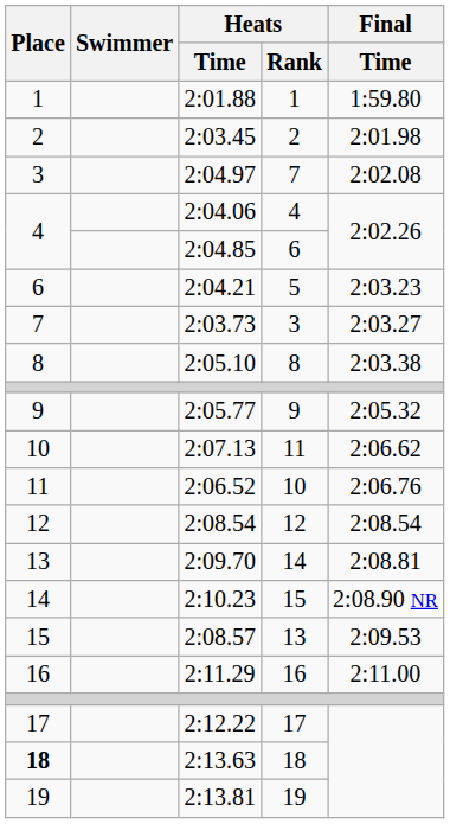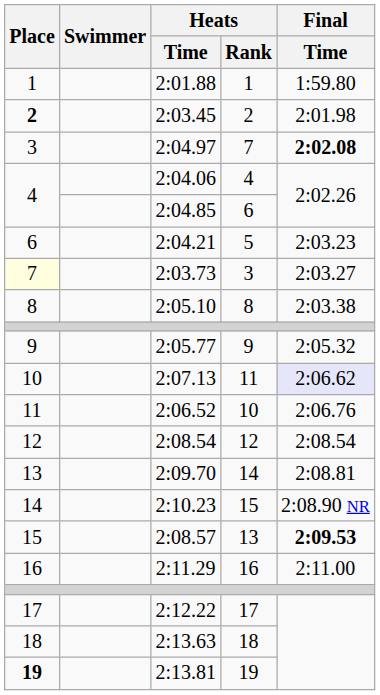 <table class="wikitable" style="text-align:center;">
 <tr>
 <th rowspan="2">Place</th>
 <th rowspan="2">Swimmer</th>
 <th colspan="2">Heats</th>
 <th>Final</th>
 </tr>
 <tr>
 <th>Time</th>
 <th>Rank</th>
 <th>Time</th>
 </tr>
 <tr>
 <td>1</td>
 <td align="left"></td>
 <td>2:01.88</td>
 <td>1</td>
 <td>1:59.80</td>
 </tr>
 <tr>
-<td>2</td>
+<td><strong>2</strong></td>
 <td align=left></td>
 <td>2:03.45</td>
 <td>2</td>
 <td>2:01.98</td>
 </tr>
 <tr>
 <td>3</td>
 <td align=left></td>
 <td>2:04.97</td>
 <td>7</td>
-<td>2:02.08</td>
+<td><strong>2:02.08</strong></td>
 </tr>
 <tr>
 <td rowspan=2>4</td>
 <td align=left></td>
 <td>2:04.06</td>
 <td>4</td>
 <td rowspan=2>2:02.26</td>
 </tr>
 <tr>
 <td align=left></td>
 <td>2:04.85</td>
 <td>6</td>
 </tr>
 <tr>
 <td>6</td>
 <td align=left></td>
 <td>2:04.21</td>
 <td>5</td>
 <td>2:03.23</td>
 </tr>
 <tr>
-<td>7</td>
+<td style="background: lightyellow;">7</td>
 <td align=left></td>
 <td>2:03.73</td>
 <td>3</td>
 <td>2:03.27</td>
 </tr>
 <tr>
 <td>8</td>
 <td align=left></td>
 <td>2:05.10</td>
 <td>8</td>
 <td>2:03.38</td>
 </tr>
 <tr>
 <td colspan=5 bgcolor=lightgray></td>
 </tr>
 <tr>
 <td>9</td>
 <td align=left></td>
 <td>2:05.77</td>
 <td>9</td>
 <td>2:05.32</td>
 </tr>
 <tr>
 <td>10</td>
 <td align=left></td>
 <td>2:07.13</td>
 <td>11</td>
-<td>2:06.62</td>
+<td style="background: lavender;">2:06.62</td>
 </tr>
 <tr>
 <td>11</td>
 <td align=left></td>
 <td>2:06.52</td>
 <td>10</td>
 <td>2:06.76</td>
 </tr>
 <tr>
 <td>12</td>
 <td align=left></td>
 <td>2:08.54</td>
 <td>12</td>
 <td>2:08.54</td>
 </tr>
 <tr>
 <td>13</td>
 <td align=left></td>
 <td>2:09.70</td>
 <td>14</td>
 <td>2:08.81</td>
 </tr>
 <tr>
 <td>14</td>
 <td align=left></td>
 <td>2:10.23</td>
 <td>15</td>
 <td>2:08.90 <small><a href='#'>NR</a></small></td>
 </tr>
 <tr>
 <td>15</td>
 <td align=left></td>
 <td>2:08.57</td>
 <td>13</td>
-<td>2:09.53</td>
+<td><strong>2:09.53</strong></td>
 </tr>
 <tr>
 <td>16</td>
 <td align=left></td>
 <td>2:11.29</td>
 <td>16</td>
 <td>2:11.00</td>
 </tr>
 <tr>
 <td colspan=5 bgcolor=lightgray></td>
 </tr>
 <tr>
 <td>17</td>
 <td align=left></td>
 <td>2:12.22</td>
 <td>17</td>
 </tr>
 <tr>
-<td><strong>18</strong></td>
+<td>18</td>
 <td align=left></td>
 <td>2:13.63</td>
 <td>18</td>
 </tr>
 <tr>
-<td>19</td>
+<td><strong>19</strong></td>
 <td align=left></td>
 <td>2:13.81</td>
 <td>19</td>
 </tr>
 </table>
